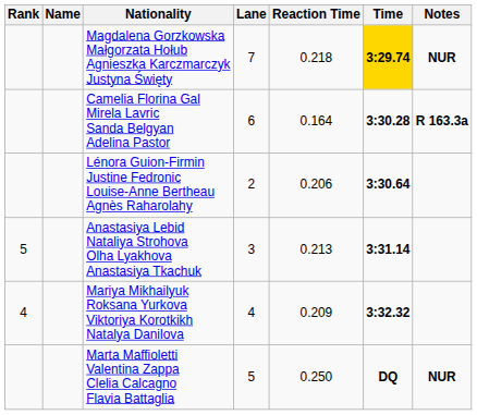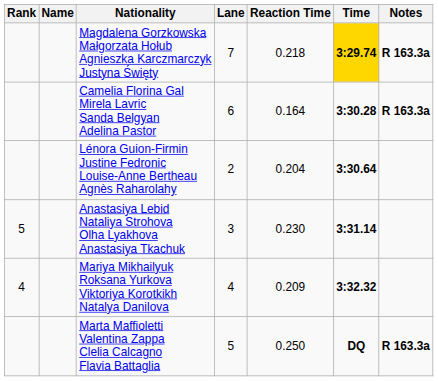 <table class="wikitable sortable" style="text-align:center">
 <tr>
 <th>Rank</th>
 <th>Name</th>
 <th>Nationality</th>
 <th>Lane</th>
 <th>Reaction Time</th>
 <th>Time</th>
 <th>Notes</th>
 </tr>
 <tr>
 <td></td>
 <td align=left></td>
 <td align=left><a href='#'>Magdalena Gorzkowska</a><br><a href='#'>Małgorzata Hołub</a><br><a href='#'>Agnieszka Karczmarczyk</a><br><a href='#'>Justyna Święty</a></td>
 <td>7</td>
 <td>0.218</td>
 <td style="background: gold;"><strong>3:29.74</strong></td>
-<td><strong>NUR</strong></td>
+<td><strong>R 163.3a</strong></td>
 </tr>
 <tr>
 <td></td>
 <td align=left></td>
 <td align=left><a href='#'>Camelia Florina Gal</a><br><a href='#'>Mirela Lavric</a><br><a href='#'>Sanda Belgyan</a><br><a href='#'>Adelina Pastor</a></td>
 <td>6</td>
 <td>0.164</td>
 <td><strong>3:30.28</strong></td>
 <td><strong>R 163.3a</strong></td>
 </tr>
 <tr>
 <td></td>
 <td align=left></td>
 <td align=left><a href='#'>Lénora Guion-Firmin</a><br><a href='#'>Justine Fedronic</a><br><a href='#'>Louise-Anne Bertheau</a><br><a href='#'>Agnès Raharolahy</a></td>
 <td>2</td>
-<td>0.206</td>
+<td>0.204</td>
 <td><strong>3:30.64</strong></td>
 <td></td>
 </tr>
 <tr>
 <td>5</td>
 <td align=left></td>
 <td align=left><a href='#'>Anastasiya Lebid</a><br><a href='#'>Nataliya Strohova</a><br><a href='#'>Olha Lyakhova</a><br><a href='#'>Anastasiya Tkachuk</a></td>
 <td>3</td>
-<td>0.213</td>
+<td>0.230</td>
 <td><strong>3:31.14</strong></td>
 <td></td>
 </tr>
 <tr>
 <td>4</td>
 <td align=left></td>
 <td align=left><a href='#'>Mariya Mikhailyuk</a><br><a href='#'>Roksana Yurkova</a><br><a href='#'>Viktoriya Korotkikh</a><br><a href='#'>Natalya Danilova</a></td>
 <td>4</td>
 <td>0.209</td>
 <td><strong>3:32.32</strong></td>
 <td></td>
 </tr>
 <tr>
 <td></td>
 <td align=left></td>
 <td align=left><a href='#'>Marta Maffioletti</a><br><a href='#'>Valentina Zappa</a><br><a href='#'>Clelia Calcagno</a><br><a href='#'>Flavia Battaglia</a></td>
 <td>5</td>
 <td>0.250</td>
 <td><strong>DQ</strong></td>
-<td><strong>NUR</strong></td>
+<td><strong>R 163.3a</strong></td>
 </tr>
 </table>
